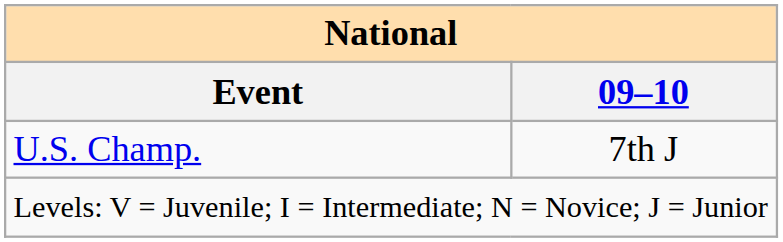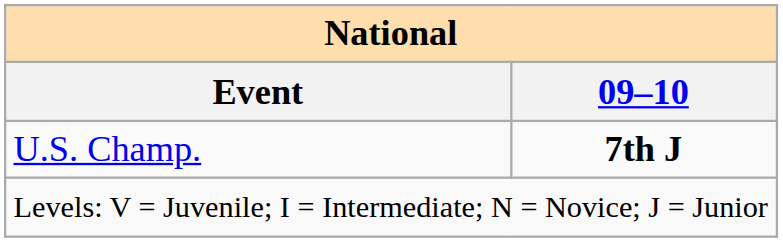 <table class="wikitable" style="text-align:center">
 <tr>
 <th colspan="2" style="background-color: #ffdead; " align="center">National</th>
 </tr>
 <tr>
 <th>Event</th>
 <th><a href='#'>09–10</a></th>
 </tr>
 <tr>
 <td align=left><a href='#'>U.S. Champ.</a></td>
-<td>7th J</td>
+<td><strong>7th J</strong></td>
 </tr>
 <tr>
 <td colspan="2" align="center"><small> Levels: V = Juvenile; I = Intermediate; N = Novice; J = Junior </small></td>
 </tr>
 </table>
